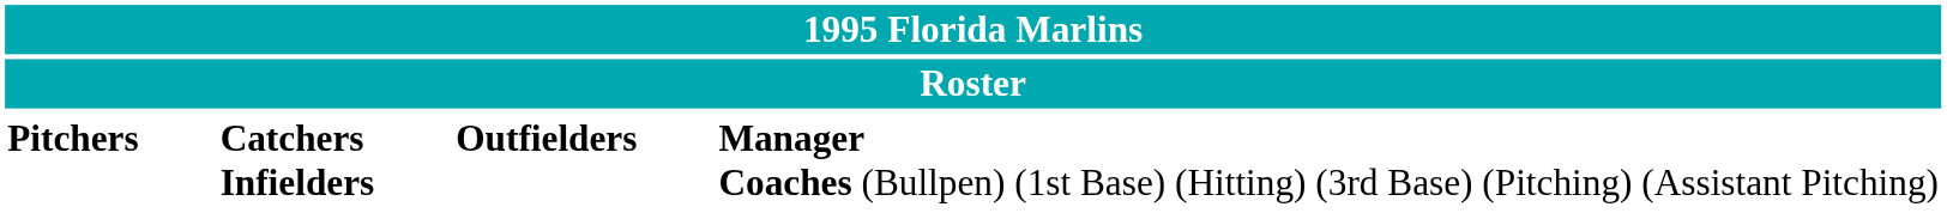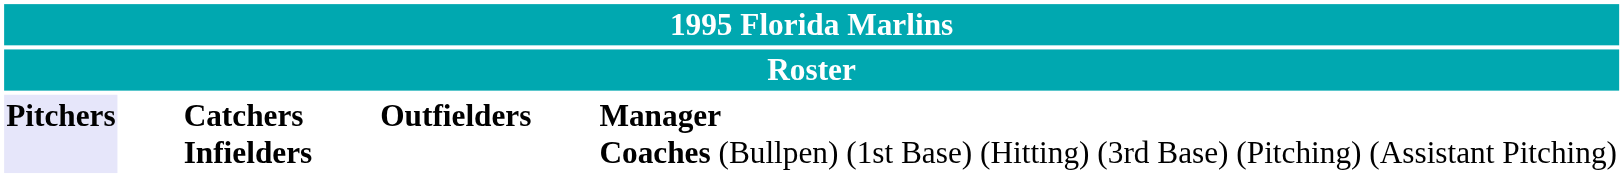 <table class="toccolours" style="font-size: 95%;">
 <tr>
 <th colspan="10" style="background-color: #00a8b0; color: white; text-align: center;">1995 Florida Marlins</th>
 </tr>
 <tr>
 <td colspan="10" style="background-color: #00a8b0; color: white; text-align: center;"><strong>Roster</strong></td>
 </tr>
 <tr>
-<td valign="top"><strong>Pitchers</strong><br>                          </td>
+<td valign="top" style="background: lavender;"><strong>Pitchers</strong><br>                          </td>
 <td width="25px"></td>
 <td valign="top"><strong>Catchers</strong><br>   <strong>Infielders</strong>       </td>
 <td width="25px"></td>
 <td valign="top"><strong>Outfielders</strong><br>        </td>
 <td width="25px"></td>
 <td valign="top"><strong>Manager</strong><br> <strong>Coaches</strong>  (Bullpen)  (1st Base)  (Hitting)  (3rd Base)  (Pitching)  (Assistant Pitching)</td>
 </tr>
 <tr>
 </tr>
 </table>
